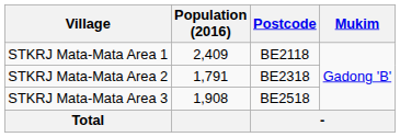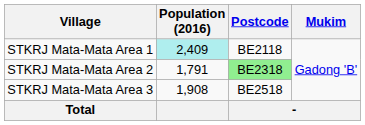 <table class="wikitable">
 <tr>
 <th>Village</th>
 <th>Population<br>(2016)</th>
 <th><a href='#'>Postcode</a></th>
 <th><a href='#'>Mukim</a></th>
 </tr>
 <tr>
 <td>STKRJ Mata-Mata Area 1</td>
-<td align="center">2,409</td>
+<td align="center" style="background: paleturquoise;">2,409</td>
 <td align="center">BE2118</td>
 <td rowspan=3><a href='#'>Gadong 'B'</a></td>
 </tr>
 <tr>
 <td>STKRJ Mata-Mata Area 2</td>
 <td align="center">1,791</td>
-<td align="center">BE2318</td>
+<td align="center" style="background: lightgreen;">BE2318</td>
 </tr>
 <tr>
 <td>STKRJ Mata-Mata Area 3</td>
 <td align="center">1,908</td>
 <td align="center">BE2518</td>
 </tr>
 <tr>
 <th>Total</th>
 <th></th>
 <th colspan=2>-</th>
 </tr>
 </table>
